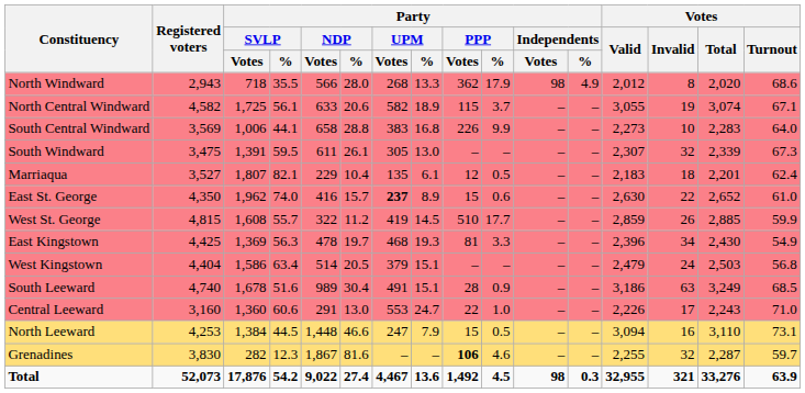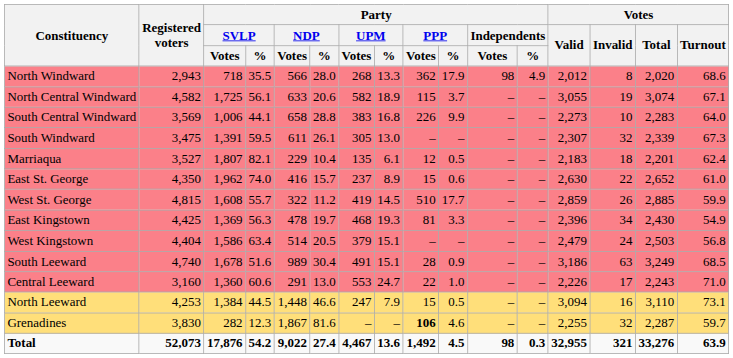 <table class="wikitable sortable" style=text-align:right>
 <tr>
 <th rowspan=3>Constituency</th>
 <th rowspan=3>Registered<br>voters</th>
 <th colspan=10>Party</th>
 <th colspan=4>Votes</th>
 </tr>
 <tr>
 <th colspan=2><a href='#'>SVLP</a></th>
 <th colspan=2><a href='#'>NDP</a></th>
 <th colspan=2><a href='#'>UPM</a></th>
 <th colspan=2><a href='#'>PPP</a></th>
 <th colspan=2>Independents</th>
 <th rowspan=2>Valid</th>
 <th rowspan=2>Invalid</th>
 <th rowspan=2>Total</th>
 <th rowspan=2>Turnout</th>
 </tr>
 <tr>
 <th>Votes</th>
 <th>%</th>
 <th>Votes</th>
 <th>%</th>
 <th>Votes</th>
 <th>%</th>
 <th>Votes</th>
 <th>%</th>
 <th>Votes</th>
 <th>%</th>
 </tr>
 <tr style="background-color:#fb8089">
 <td align=left>North Windward</td>
 <td>2,943</td>
 <td>718</td>
 <td>35.5</td>
 <td>566</td>
 <td>28.0</td>
 <td>268</td>
 <td>13.3</td>
 <td>362</td>
 <td>17.9</td>
 <td>98</td>
 <td>4.9</td>
 <td>2,012</td>
 <td>8</td>
 <td>2,020</td>
 <td>68.6</td>
 </tr>
 <tr style="background-color:#fb8089">
 <td align=left>North Central Windward</td>
 <td>4,582</td>
 <td>1,725</td>
 <td>56.1</td>
 <td>633</td>
 <td>20.6</td>
 <td>582</td>
 <td>18.9</td>
 <td>115</td>
 <td>3.7</td>
 <td>–</td>
 <td>–</td>
 <td>3,055</td>
 <td>19</td>
 <td>3,074</td>
 <td>67.1</td>
 </tr>
 <tr style="background-color:#fb8089">
 <td align=left>South Central Windward</td>
 <td>3,569</td>
 <td>1,006</td>
 <td>44.1</td>
 <td>658</td>
 <td>28.8</td>
 <td>383</td>
 <td>16.8</td>
 <td>226</td>
 <td>9.9</td>
 <td>–</td>
 <td>–</td>
 <td>2,273</td>
 <td>10</td>
 <td>2,283</td>
 <td>64.0</td>
 </tr>
 <tr style="background-color:#fb8089">
 <td align=left>South Windward</td>
 <td>3,475</td>
 <td>1,391</td>
 <td>59.5</td>
 <td>611</td>
 <td>26.1</td>
 <td>305</td>
 <td>13.0</td>
 <td>–</td>
 <td>–</td>
 <td>–</td>
 <td>–</td>
 <td>2,307</td>
 <td>32</td>
 <td>2,339</td>
 <td>67.3</td>
 </tr>
 <tr style="background-color:#fb8089">
 <td align=left>Marriaqua</td>
 <td>3,527</td>
 <td>1,807</td>
 <td>82.1</td>
 <td>229</td>
 <td>10.4</td>
 <td>135</td>
 <td>6.1</td>
 <td>12</td>
 <td>0.5</td>
 <td>–</td>
 <td>–</td>
 <td>2,183</td>
 <td>18</td>
 <td>2,201</td>
 <td>62.4</td>
 </tr>
 <tr style="background-color:#fb8089">
 <td align=left>East St. George</td>
 <td>4,350</td>
 <td>1,962</td>
 <td>74.0</td>
 <td>416</td>
 <td>15.7</td>
-<td><strong>237</strong></td>
+<td>237</td>
 <td>8.9</td>
 <td>15</td>
 <td>0.6</td>
 <td>–</td>
 <td>–</td>
 <td>2,630</td>
 <td>22</td>
 <td>2,652</td>
 <td>61.0</td>
 </tr>
 <tr style="background-color:#fb8089">
 <td align=left>West St. George</td>
 <td>4,815</td>
 <td>1,608</td>
 <td>55.7</td>
 <td>322</td>
 <td>11.2</td>
 <td>419</td>
 <td>14.5</td>
 <td>510</td>
 <td>17.7</td>
 <td>–</td>
 <td>–</td>
 <td>2,859</td>
 <td>26</td>
 <td>2,885</td>
 <td>59.9</td>
 </tr>
 <tr style="background-color:#fb8089">
 <td align=left>East Kingstown</td>
 <td>4,425</td>
 <td>1,369</td>
 <td>56.3</td>
 <td>478</td>
 <td>19.7</td>
 <td>468</td>
 <td>19.3</td>
 <td>81</td>
 <td>3.3</td>
 <td>–</td>
 <td>–</td>
 <td>2,396</td>
 <td>34</td>
 <td>2,430</td>
 <td>54.9</td>
 </tr>
 <tr style="background-color:#fb8089">
 <td align=left>West Kingstown</td>
 <td>4,404</td>
 <td>1,586</td>
 <td>63.4</td>
 <td>514</td>
 <td>20.5</td>
 <td>379</td>
 <td>15.1</td>
 <td>–</td>
 <td>–</td>
 <td>–</td>
 <td>–</td>
 <td>2,479</td>
 <td>24</td>
 <td>2,503</td>
 <td>56.8</td>
 </tr>
 <tr style="background-color:#fb8089">
 <td align=left>South Leeward</td>
 <td>4,740</td>
 <td>1,678</td>
 <td>51.6</td>
 <td>989</td>
 <td>30.4</td>
 <td>491</td>
 <td>15.1</td>
 <td>28</td>
 <td>0.9</td>
 <td>–</td>
 <td>–</td>
 <td>3,186</td>
 <td>63</td>
 <td>3,249</td>
 <td>68.5</td>
 </tr>
 <tr style="background-color:#fb8089">
 <td align=left>Central Leeward</td>
 <td>3,160</td>
 <td>1,360</td>
 <td>60.6</td>
 <td>291</td>
 <td>13.0</td>
 <td>553</td>
 <td>24.7</td>
 <td>22</td>
 <td>1.0</td>
 <td>–</td>
 <td>–</td>
 <td>2,226</td>
 <td>17</td>
 <td>2,243</td>
 <td>71.0</td>
 </tr>
 <tr style="background-color:#ffdf7a">
 <td align=left>North Leeward</td>
 <td>4,253</td>
 <td>1,384</td>
 <td>44.5</td>
 <td>1,448</td>
 <td>46.6</td>
 <td>247</td>
 <td>7.9</td>
 <td>15</td>
 <td>0.5</td>
 <td>–</td>
 <td>–</td>
 <td>3,094</td>
 <td>16</td>
 <td>3,110</td>
 <td>73.1</td>
 </tr>
 <tr style="background-color:#ffdf7a">
 <td align=left>Grenadines</td>
 <td>3,830</td>
 <td>282</td>
 <td>12.3</td>
 <td>1,867</td>
 <td>81.6</td>
 <td>–</td>
 <td>–</td>
 <td><strong>106</strong></td>
 <td>4.6</td>
 <td>–</td>
 <td>–</td>
 <td>2,255</td>
 <td>32</td>
 <td>2,287</td>
 <td>59.7</td>
 </tr>
 <tr style=font-weight:bold>
 <td align=left>Total</td>
 <td>52,073</td>
 <td>17,876</td>
 <td>54.2</td>
 <td>9,022</td>
 <td>27.4</td>
 <td>4,467</td>
 <td>13.6</td>
 <td>1,492</td>
 <td>4.5</td>
 <td>98</td>
 <td>0.3</td>
 <td>32,955</td>
 <td>321</td>
 <td>33,276</td>
 <td>63.9</td>
 </tr>
 </table>
